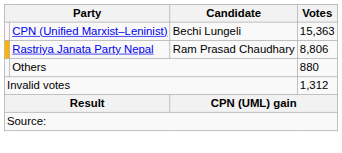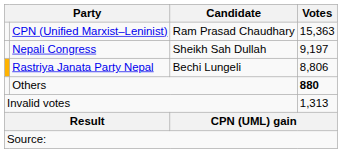 <table class="wikitable">
 <tr>
 <th colspan="2">Party</th>
 <th>Candidate</th>
 <th>Votes</th>
 </tr>
 <tr>
 <td style="background-color:"></td>
 <td><a href='#'>CPN (Unified Marxist–Leninist)</a></td>
-<td>Bechi Lungeli</td>
+<td>Ram Prasad Chaudhary</td>
 <td>15,363</td>
+</tr>
+<tr>
+<td style="background-color:"></td>
+<td><a href='#'>Nepali Congress</a></td>
+<td>Sheikh Sah Dullah</td>
+<td>9,197</td>
 </tr>
 <tr>
 <td style="background-color:#ffb300"></td>
 <td><a href='#'>Rastriya Janata Party Nepal</a></td>
-<td>Ram Prasad Chaudhary</td>
+<td>Bechi Lungeli</td>
 <td>8,806</td>
 </tr>
 <tr>
 <td></td>
 <td colspan="2">Others</td>
-<td>880</td>
+<td><strong>880</strong></td>
 </tr>
 <tr>
 <td colspan="3">Invalid votes</td>
-<td>1,312</td>
+<td>1,313</td>
 </tr>
 <tr>
 <th colspan="2">Result</th>
 <th colspan="2">CPN (UML) gain</th>
 </tr>
 <tr>
 <td colspan="4">Source: </td>
 </tr>
 </table>
